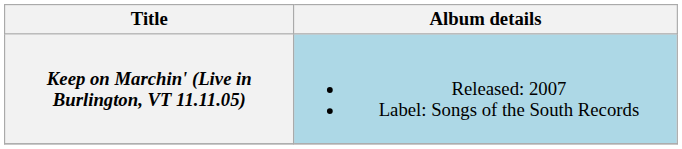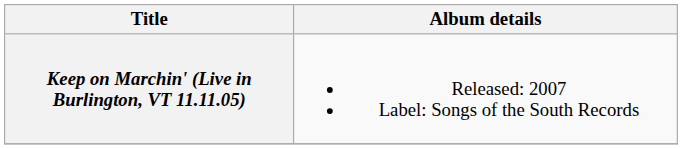 <table class="wikitable plainrowheaders" style="text-align:center;" border="1">
 <tr>
 <th scope="col" style="width:15em;">Title</th>
 <th scope="col" style="width:20em;">Album details</th>
 </tr>
 <tr>
 <th scope="row"><em>Keep on Marchin' (Live in Burlington, VT 11.11.05)</em></th>
-<td style="background: lightblue;"><br><ul><li>Released: 2007</li><li>Label: Songs of the South Records</li></ul></td>
+<td><br><ul><li>Released: 2007</li><li>Label: Songs of the South Records</li></ul></td>
 </tr>
 <tr>
 </tr>
 </table>
